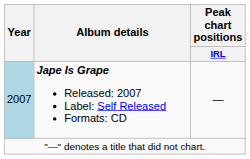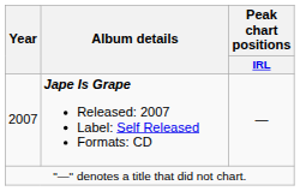 <table class="wikitable" style="text-align:center;">
 <tr>
 <th rowspan="2">Year</th>
 <th style="width:220px;" rowspan="2">Album details</th>
 <th colspan="1">Peak chart positions</th>
 </tr>
 <tr>
 <th style="width:5em;font-size:85%"><a href='#'>IRL</a><br></th>
 </tr>
 <tr>
-<td rowspan="1" style="background: lightblue;">2007</td>
+<td rowspan="1">2007</td>
 <td style="text-align:left;"><strong><em>Jape Is Grape</em></strong><br><ul><li>Released: 2007</li><li>Label: <a href='#'>Self Released</a></li><li>Formats: CD</li></ul></td>
 <td>—</td>
 </tr>
 <tr>
 <td colspan="7" style="font-size:90%">"—" denotes a title that did not chart.</td>
 </tr>
 </table>
